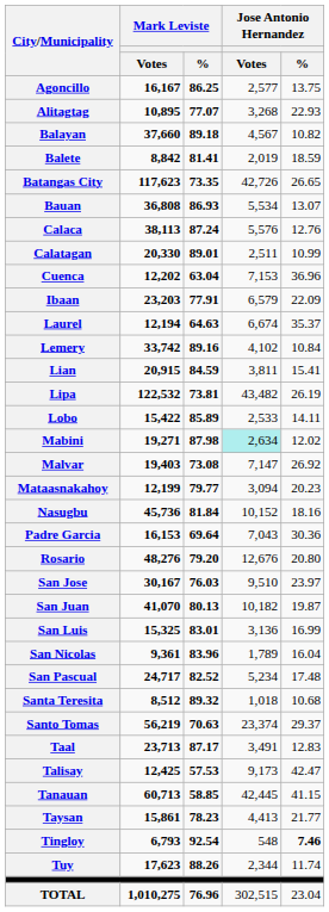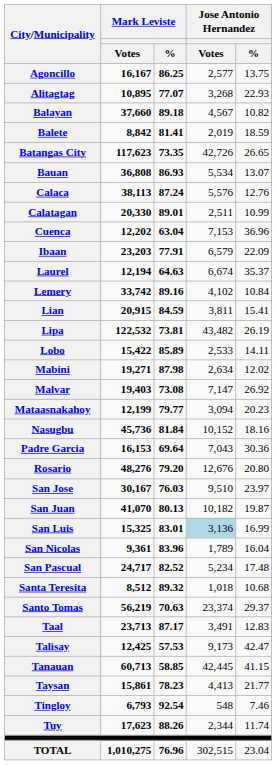 <table class="wikitable collapsible collapsed" style="text-align:right; font-size:95%; line-height:20px;">
 <tr>
 <th width="125" rowspan="3"><a href='#'>City</a>/<a href='#'>Municipality</a></th>
 <th width="110" colspan="2"><a href='#'>Mark Leviste</a></th>
 <th width="110" colspan="2">Jose Antonio Hernandez</th>
 </tr>
 <tr>
 <th colspan="2" style="background:"></th>
 <th colspan="2" style="background:"></th>
 </tr>
 <tr>
 <th>Votes</th>
 <th>%</th>
 <th>Votes</th>
 <th>%</th>
 </tr>
 <tr>
 <th scope="row"><a href='#'>Agoncillo</a></th>
 <td style="background:"><strong>16,167</strong></td>
 <td style="background:"><strong>86.25</strong></td>
 <td>2,577</td>
 <td>13.75</td>
 </tr>
 <tr>
 <th scope="row"><a href='#'>Alitagtag</a></th>
 <td style="background:"><strong>10,895</strong></td>
 <td style="background:"><strong>77.07</strong></td>
 <td>3,268</td>
 <td>22.93</td>
 </tr>
 <tr>
 <th scope="row"><a href='#'>Balayan</a></th>
 <td style="background:"><strong>37,660</strong></td>
 <td style="background:"><strong>89.18</strong></td>
 <td>4,567</td>
 <td>10.82</td>
 </tr>
 <tr>
 <th scope="row"><a href='#'>Balete</a></th>
 <td style="background:"><strong>8,842</strong></td>
 <td style="background:"><strong>81.41</strong></td>
 <td>2,019</td>
 <td>18.59</td>
 </tr>
 <tr>
 <th scope="row"><a href='#'>Batangas City</a></th>
 <td style="background:"><strong>117,623</strong></td>
 <td style="background:"><strong>73.35</strong></td>
 <td>42,726</td>
 <td>26.65</td>
 </tr>
 <tr>
 <th scope="row"><a href='#'>Bauan</a></th>
 <td style="background:"><strong>36,808</strong></td>
 <td style="background:"><strong>86.93</strong></td>
 <td>5,534</td>
 <td>13.07</td>
 </tr>
 <tr>
 <th scope="row"><a href='#'>Calaca</a></th>
 <td style="background:"><strong>38,113</strong></td>
 <td style="background:"><strong>87.24</strong></td>
 <td>5,576</td>
 <td>12.76</td>
 </tr>
 <tr>
 <th scope="row"><a href='#'>Calatagan</a></th>
 <td style="background:"><strong>20,330</strong></td>
 <td style="background:"><strong>89.01</strong></td>
 <td>2,511</td>
 <td>10.99</td>
 </tr>
 <tr>
 <th scope="row"><a href='#'>Cuenca</a></th>
 <td style="background:"><strong>12,202</strong></td>
 <td style="background:"><strong>63.04</strong></td>
 <td>7,153</td>
 <td>36.96</td>
 </tr>
 <tr>
 <th scope="row"><a href='#'>Ibaan</a></th>
 <td style="background:"><strong>23,203</strong></td>
 <td style="background:"><strong>77.91</strong></td>
 <td>6,579</td>
 <td>22.09</td>
 </tr>
 <tr>
 <th scope="row"><a href='#'>Laurel</a></th>
 <td style="background:"><strong>12,194</strong></td>
 <td style="background:"><strong>64.63</strong></td>
 <td>6,674</td>
 <td>35.37</td>
 </tr>
 <tr>
 <th scope="row"><a href='#'>Lemery</a></th>
 <td style="background:"><strong>33,742</strong></td>
 <td style="background:"><strong>89.16</strong></td>
 <td>4,102</td>
 <td>10.84</td>
 </tr>
 <tr>
 <th scope="row"><a href='#'>Lian</a></th>
 <td style="background:"><strong>20,915</strong></td>
 <td style="background:"><strong>84.59</strong></td>
 <td>3,811</td>
 <td>15.41</td>
 </tr>
 <tr>
 <th scope="row"><a href='#'>Lipa</a></th>
 <td style="background:"><strong>122,532</strong></td>
 <td style="background:"><strong>73.81</strong></td>
 <td>43,482</td>
 <td>26.19</td>
 </tr>
 <tr>
 <th scope="row"><a href='#'>Lobo</a></th>
 <td style="background:"><strong>15,422</strong></td>
 <td style="background:"><strong>85.89</strong></td>
 <td>2,533</td>
 <td>14.11</td>
 </tr>
 <tr>
 <th scope="row"><a href='#'>Mabini</a></th>
 <td style="background:"><strong>19,271</strong></td>
 <td style="background:"><strong>87.98</strong></td>
-<td style="background: paleturquoise;">2,634</td>
+<td>2,634</td>
 <td>12.02</td>
 </tr>
 <tr>
 <th scope="row"><a href='#'>Malvar</a></th>
 <td style="background:"><strong>19,403</strong></td>
 <td style="background:"><strong>73.08</strong></td>
 <td>7,147</td>
 <td>26.92</td>
 </tr>
 <tr>
 <th scope="row"><a href='#'>Mataasnakahoy</a></th>
 <td style="background:"><strong>12,199</strong></td>
 <td style="background:"><strong>79.77</strong></td>
 <td>3,094</td>
 <td>20.23</td>
 </tr>
 <tr>
 <th scope="row"><a href='#'>Nasugbu</a></th>
 <td style="background:"><strong>45,736</strong></td>
 <td style="background:"><strong>81.84</strong></td>
 <td>10,152</td>
 <td>18.16</td>
 </tr>
 <tr>
 <th scope="row"><a href='#'>Padre Garcia</a></th>
 <td style="background:"><strong>16,153</strong></td>
 <td style="background:"><strong>69.64</strong></td>
 <td>7,043</td>
 <td>30.36</td>
 </tr>
 <tr>
 <th scope="row"><a href='#'>Rosario</a></th>
 <td style="background:"><strong>48,276</strong></td>
 <td style="background:"><strong>79.20</strong></td>
 <td>12,676</td>
 <td>20.80</td>
 </tr>
 <tr>
 <th scope="row"><a href='#'>San Jose</a></th>
 <td style="background:"><strong>30,167</strong></td>
 <td style="background:"><strong>76.03</strong></td>
 <td>9,510</td>
 <td>23.97</td>
 </tr>
 <tr>
 <th scope="row"><a href='#'>San Juan</a></th>
 <td style="background:"><strong>41,070</strong></td>
 <td style="background:"><strong>80.13</strong></td>
 <td>10,182</td>
 <td>19.87</td>
 </tr>
 <tr>
 <th scope="row"><a href='#'>San Luis</a></th>
 <td style="background:"><strong>15,325</strong></td>
 <td style="background:"><strong>83.01</strong></td>
-<td>3,136</td>
+<td style="background: lightblue;">3,136</td>
 <td>16.99</td>
 </tr>
 <tr>
 <th scope="row"><a href='#'>San Nicolas</a></th>
 <td style="background:"><strong>9,361</strong></td>
 <td style="background:"><strong>83.96</strong></td>
 <td>1,789</td>
 <td>16.04</td>
 </tr>
 <tr>
 <th scope="row"><a href='#'>San Pascual</a></th>
 <td style="background:"><strong>24,717</strong></td>
 <td style="background:"><strong>82.52</strong></td>
 <td>5,234</td>
 <td>17.48</td>
 </tr>
 <tr>
 <th scope="row"><a href='#'>Santa Teresita</a></th>
 <td style="background:"><strong>8,512</strong></td>
 <td style="background:"><strong>89.32</strong></td>
 <td>1,018</td>
 <td>10.68</td>
 </tr>
 <tr>
 <th scope="row"><a href='#'>Santo Tomas</a></th>
 <td style="background:"><strong>56,219</strong></td>
 <td style="background:"><strong>70.63</strong></td>
 <td>23,374</td>
 <td>29.37</td>
 </tr>
 <tr>
 <th scope="row"><a href='#'>Taal</a></th>
 <td style="background:"><strong>23,713</strong></td>
 <td style="background:"><strong>87.17</strong></td>
 <td>3,491</td>
 <td>12.83</td>
 </tr>
 <tr>
 <th scope="row"><a href='#'>Talisay</a></th>
 <td style="background:"><strong>12,425</strong></td>
 <td style="background:"><strong>57.53</strong></td>
 <td>9,173</td>
 <td>42.47</td>
 </tr>
 <tr>
 <th scope="row"><a href='#'>Tanauan</a></th>
 <td style="background:"><strong>60,713</strong></td>
 <td style="background:"><strong>58.85</strong></td>
 <td>42,445</td>
 <td>41.15</td>
 </tr>
 <tr>
 <th scope="row"><a href='#'>Taysan</a></th>
 <td style="background:"><strong>15,861</strong></td>
 <td style="background:"><strong>78.23</strong></td>
 <td>4,413</td>
 <td>21.77</td>
 </tr>
 <tr>
 <th scope="row"><a href='#'>Tingloy</a></th>
 <td style="background:"><strong>6,793</strong></td>
 <td style="background:"><strong>92.54</strong></td>
 <td>548</td>
-<td><strong>7.46</strong></td>
+<td>7.46</td>
 </tr>
 <tr>
 <th scope="row"><a href='#'>Tuy</a></th>
 <td style="background:"><strong>17,623</strong></td>
 <td style="background:"><strong>88.26</strong></td>
 <td>2,344</td>
 <td>11.74</td>
 </tr>
 <tr>
 <td colspan=5 bgcolor=black></td>
 </tr>
 <tr>
 <th scope="row">TOTAL</th>
 <td style="background:"><strong>1,010,275</strong></td>
 <td style="background:"><strong>76.96</strong></td>
 <td>302,515</td>
 <td>23.04</td>
 </tr>
 </table>
